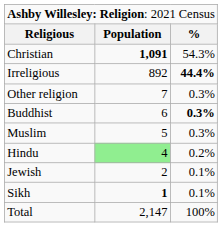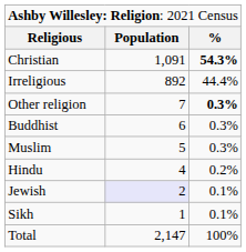 <table class="wikitable">
 <tr>
 <td colspan="14" style="text-align:right;"><strong>Ashby Willesley: Religion</strong>: 2021 Census</td>
 </tr>
 <tr>
 <th>Religious</th>
 <th>Population</th>
 <th>%</th>
 </tr>
 <tr>
 <td>Christian</td>
-<td style="text-align:right;"><strong>1,091</strong></td>
-<td style="text-align:right;">54.3%</td>
+<td style="text-align:right;">1,091</td>
+<td style="text-align:right;"><strong>54.3%</strong></td>
 </tr>
 <tr>
 <td>Irreligious</td>
 <td style="text-align:right;">892</td>
-<td style="text-align:right;"><strong>44.4%</strong></td>
+<td style="text-align:right;">44.4%</td>
 </tr>
 <tr>
 <td>Other religion</td>
 <td style="text-align:right;">7</td>
-<td style="text-align:right;">0.3%</td>
+<td style="text-align:right;"><strong>0.3%</strong></td>
 </tr>
 <tr>
 <td>Buddhist</td>
 <td style="text-align:right;">6</td>
-<td style="text-align:right;"><strong>0.3%</strong></td>
+<td style="text-align:right;">0.3%</td>
 </tr>
 <tr>
 <td>Muslim</td>
 <td style="text-align:right;">5</td>
 <td style="text-align:right;">0.3%</td>
 </tr>
 <tr>
 <td>Hindu</td>
-<td style="background: lightgreen; text-align:right;">4</td>
+<td style="text-align:right;">4</td>
 <td style="text-align:right;">0.2%</td>
 </tr>
 <tr>
 <td>Jewish</td>
-<td style="text-align:right;">2</td>
+<td style="background: lavender; text-align:right;">2</td>
 <td style="text-align:right;">0.1%</td>
 </tr>
 <tr>
 <td>Sikh</td>
-<td style="text-align:right;"><strong>1</strong></td>
+<td style="text-align:right;">1</td>
 <td style="text-align:right;">0.1%</td>
 </tr>
 <tr>
 <td>Total</td>
 <td style="text-align:right;">2,147</td>
 <td style="text-align:right;">100%</td>
 </tr>
 </table>
